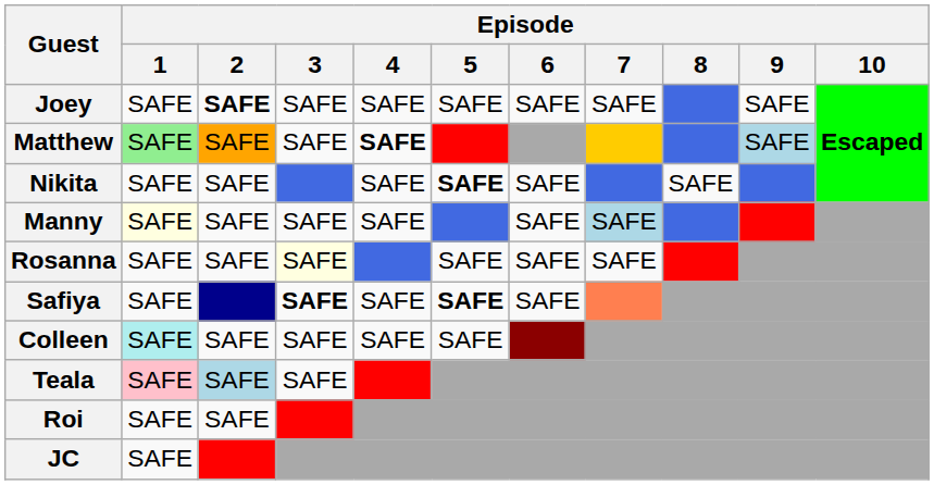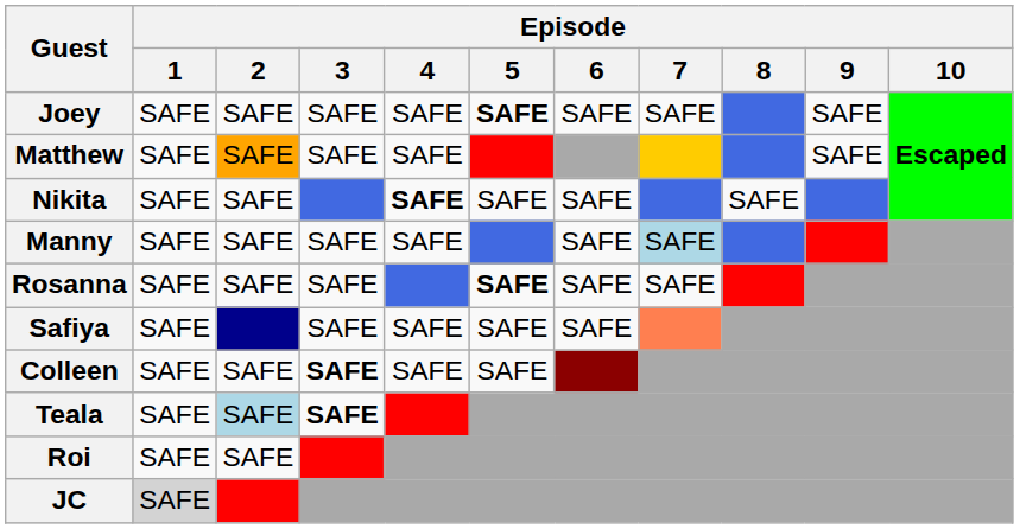 <table class="wikitable" style="text-align:center;">
 <tr>
 <th rowspan="2" scope="col">Guest</th>
 <th colspan="10" scope="col">Episode</th>
 </tr>
 <tr>
 <th scope="col">1</th>
 <th scope="col">2</th>
 <th scope="col">3</th>
 <th scope="col">4</th>
 <th scope="col">5</th>
 <th scope="col">6</th>
 <th scope="col">7</th>
 <th scope="col">8</th>
 <th scope="col">9</th>
 <th scope="col">10</th>
 </tr>
 <tr>
 <th scope="row">Joey</th>
 <td>SAFE</td>
-<td><strong>SAFE</strong></td>
 <td>SAFE</td>
 <td>SAFE</td>
 <td>SAFE</td>
+<td><strong>SAFE</strong></td>
 <td>SAFE</td>
 <td>SAFE</td>
 <td bgcolor="4169E1"><strong></strong></td>
 <td>SAFE</td>
 <td rowspan="3" bgcolor="00FF00"><strong>Escaped</strong></td>
 </tr>
 <tr>
 <th scope="row">Matthew</th>
-<td style="background: lightgreen;">SAFE</td>
+<td>SAFE</td>
 <td bgcolor="orange">SAFE</td>
 <td>SAFE</td>
-<td><strong>SAFE</strong></td>
+<td>SAFE</td>
 <td bgcolor="FF0000"></td>
 <td bgcolor="A9A9A9" colspan="1"></td>
 <td bgcolor="FFCC00"></td>
 <td bgcolor="4169E1"><strong></strong></td>
-<td style="background: lightblue;">SAFE</td>
+<td>SAFE</td>
 </tr>
 <tr>
 <th scope="row">Nikita</th>
 <td>SAFE</td>
 <td>SAFE</td>
 <td bgcolor="4169E1"><strong></strong></td>
+<td><strong>SAFE</strong></td>
 <td>SAFE</td>
-<td><strong>SAFE</strong></td>
 <td>SAFE</td>
 <td bgcolor="4169E1"><strong></strong></td>
 <td>SAFE</td>
 <td bgcolor="4169E1"><strong></strong></td>
 </tr>
 <tr>
 <th scope="row">Manny</th>
-<td style="background: lightyellow;">SAFE</td>
+<td>SAFE</td>
 <td>SAFE</td>
 <td>SAFE</td>
 <td>SAFE</td>
 <td bgcolor="4169E1"><strong></strong></td>
 <td>SAFE</td>
 <td bgcolor="ADD8E6">SAFE</td>
 <td bgcolor="4169E1"><strong></strong></td>
 <td bgcolor="FF0000"></td>
 <td bgcolor="A9A9A9" colspan="1"></td>
 </tr>
 <tr>
 <th scope="row">Rosanna</th>
 <td>SAFE</td>
 <td>SAFE</td>
-<td style="background: lightyellow;">SAFE</td>
+<td>SAFE</td>
 <td bgcolor="4169E1"><strong></strong></td>
-<td>SAFE</td>
+<td><strong>SAFE</strong></td>
 <td>SAFE</td>
 <td>SAFE</td>
 <td bgcolor="FF0000"></td>
 <td bgcolor="A9A9A9" colspan="3"></td>
 </tr>
 <tr>
 <th scope="row">Safiya</th>
 <td>SAFE</td>
 <td bgcolor="darkblue"><strong></strong></td>
-<td><strong>SAFE</strong></td>
 <td>SAFE</td>
-<td><strong>SAFE</strong></td>
+<td>SAFE</td>
+<td>SAFE</td>
 <td>SAFE</td>
 <td bgcolor="FF7F50"></td>
 <td bgcolor="A9A9A9" colspan="4"></td>
 </tr>
 <tr>
 <th scope="row">Colleen</th>
-<td style="background: paleturquoise;">SAFE</td>
 <td>SAFE</td>
 <td>SAFE</td>
+<td><strong>SAFE</strong></td>
 <td>SAFE</td>
 <td>SAFE</td>
 <td bgcolor="darkred"></td>
 <td bgcolor="A9A9A9" colspan="5"></td>
 </tr>
 <tr>
 <th scope="row">Teala</th>
-<td style="background: pink;">SAFE</td>
+<td>SAFE</td>
 <td bgcolor="ADD8E6">SAFE</td>
-<td>SAFE</td>
+<td><strong>SAFE</strong></td>
 <td bgcolor="FF0000"></td>
 <td bgcolor="A9A9A9" colspan="7"></td>
 </tr>
 <tr>
 <th scope="row">Roi</th>
 <td>SAFE</td>
 <td>SAFE</td>
 <td bgcolor="FF0000"></td>
 <td bgcolor="A9A9A9" colspan="8"></td>
 </tr>
 <tr>
 <th scope="row">JC</th>
-<td>SAFE</td>
+<td style="background: lightgrey;">SAFE</td>
 <td bgcolor="FF0000"></td>
 <td bgcolor="A9A9A9" colspan="9"></td>
 </tr>
 </table>
